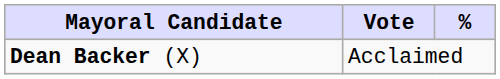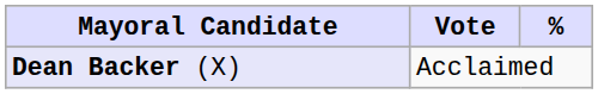 <table class="wikitable">
 <tr>
 <th style="background:#ddf; width:200px;">Mayoral Candidate</th>
 <th style="background:#ddf; width:50px;">Vote</th>
 <th style="background:#ddf; width:30px;">%</th>
 </tr>
 <tr>
-<td><strong>Dean Backer</strong> (X)</td>
+<td style="background: lavender;"><strong>Dean Backer</strong> (X)</td>
 <td colspan="2">Acclaimed</td>
 </tr>
 </table>
